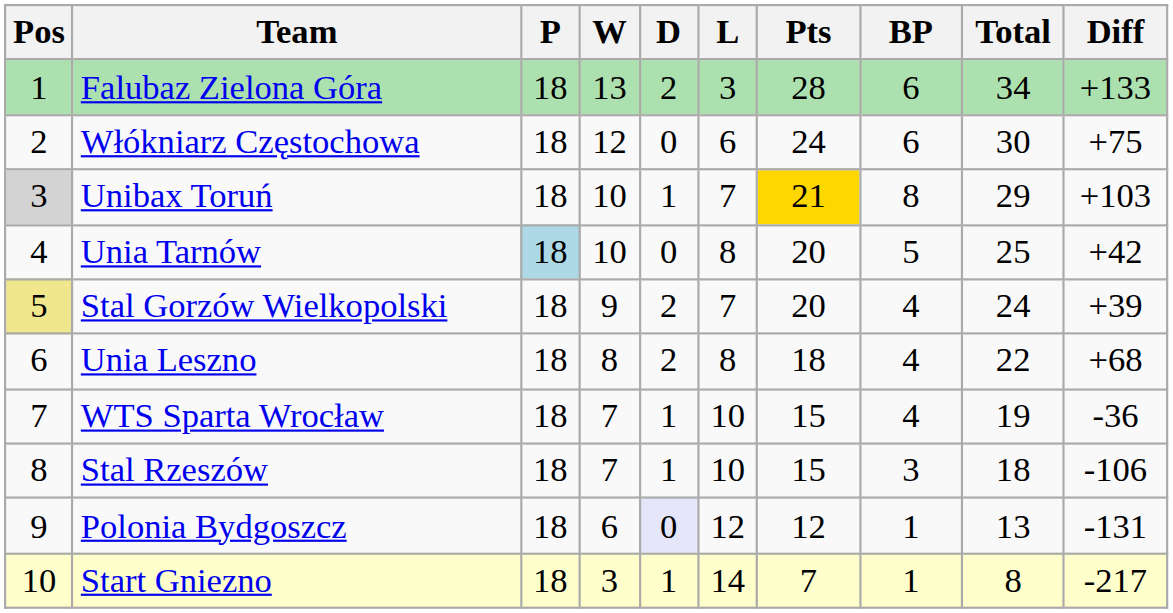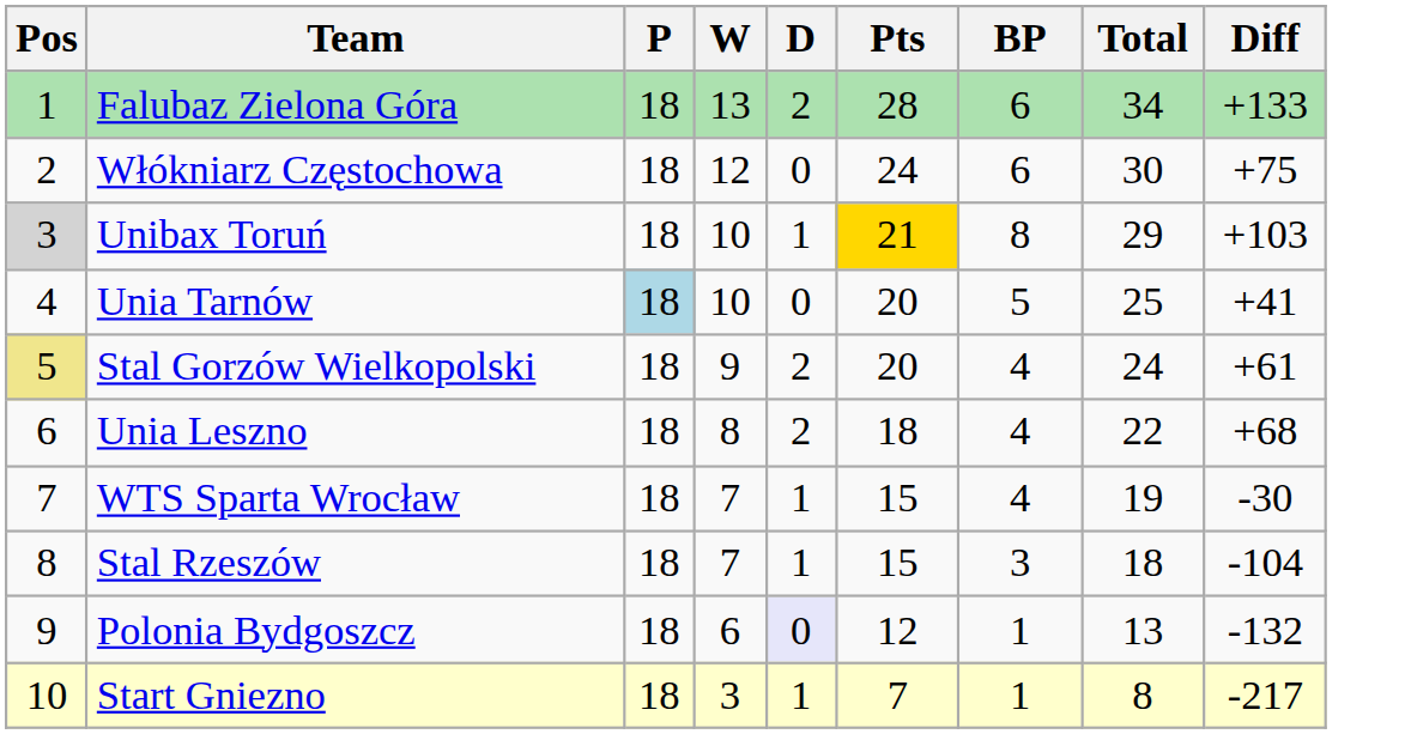 <table class="wikitable" style="font-size: 100%">
 <tr>
 <th width=20>Pos</th>
 <th width=200>Team</th>
 <th width=20>P</th>
 <th width=20>W</th>
 <th width=20>D</th>
-<th width=20>L</th>
 <th width=40>Pts</th>
 <th width=40>BP</th>
 <th width=40>Total</th>
 <th width=40>Diff</th>
 </tr>
 <tr align=center style="background:#ACE1AF;">
 <td>1</td>
 <td align="left"><a href='#'>Falubaz Zielona Góra</a></td>
 <td>18</td>
 <td>13</td>
 <td>2</td>
-<td>3</td>
 <td>28</td>
 <td>6</td>
 <td>34</td>
 <td>+133</td>
 </tr>
 <tr align=center>
 <td>2</td>
 <td align="left"><a href='#'>Włókniarz Częstochowa</a></td>
 <td>18</td>
 <td>12</td>
 <td>0</td>
-<td>6</td>
 <td>24</td>
 <td>6</td>
 <td>30</td>
 <td>+75</td>
 </tr>
 <tr align=center>
 <td style="background: lightgrey;">3</td>
 <td align="left"><a href='#'>Unibax Toruń</a></td>
 <td>18</td>
 <td>10</td>
 <td>1</td>
-<td>7</td>
 <td style="background: gold;">21</td>
 <td>8</td>
 <td>29</td>
 <td>+103</td>
 </tr>
 <tr align=center>
 <td>4</td>
 <td align="left"><a href='#'>Unia Tarnów</a></td>
 <td style="background: lightblue;">18</td>
 <td>10</td>
 <td>0</td>
-<td>8</td>
 <td>20</td>
 <td>5</td>
 <td>25</td>
-<td>+42</td>
+<td>+41</td>
 </tr>
 <tr align=center>
 <td style="background: khaki;">5</td>
 <td align="left"><a href='#'>Stal Gorzów Wielkopolski</a></td>
 <td>18</td>
 <td>9</td>
 <td>2</td>
-<td>7</td>
 <td>20</td>
 <td>4</td>
 <td>24</td>
-<td>+39</td>
+<td>+61</td>
 </tr>
 <tr align=center>
 <td>6</td>
 <td align="left"><a href='#'>Unia Leszno</a></td>
 <td>18</td>
 <td>8</td>
 <td>2</td>
-<td>8</td>
 <td>18</td>
 <td>4</td>
 <td>22</td>
 <td>+68</td>
 </tr>
 <tr align=center>
 <td>7</td>
 <td align="left"><a href='#'>WTS Sparta Wrocław</a></td>
 <td>18</td>
 <td>7</td>
 <td>1</td>
-<td>10</td>
 <td>15</td>
 <td>4</td>
 <td>19</td>
-<td>-36</td>
+<td>-30</td>
 </tr>
 <tr align=center>
 <td>8</td>
 <td align="left"><a href='#'>Stal Rzeszów</a></td>
 <td>18</td>
 <td>7</td>
 <td>1</td>
-<td>10</td>
 <td>15</td>
 <td>3</td>
 <td>18</td>
-<td>-106</td>
+<td>-104</td>
 </tr>
 <tr align=center>
 <td>9</td>
 <td align="left"><a href='#'>Polonia Bydgoszcz</a></td>
 <td>18</td>
 <td>6</td>
 <td style="background: lavender;">0</td>
 <td>12</td>
-<td>12</td>
 <td>1</td>
 <td>13</td>
-<td>-131</td>
+<td>-132</td>
 </tr>
 <tr align=center style="background: #ffffcc;">
 <td>10</td>
 <td align="left"><a href='#'>Start Gniezno</a></td>
 <td>18</td>
 <td>3</td>
 <td>1</td>
-<td>14</td>
 <td>7</td>
 <td>1</td>
 <td>8</td>
 <td>-217</td>
 </tr>
 </table>
